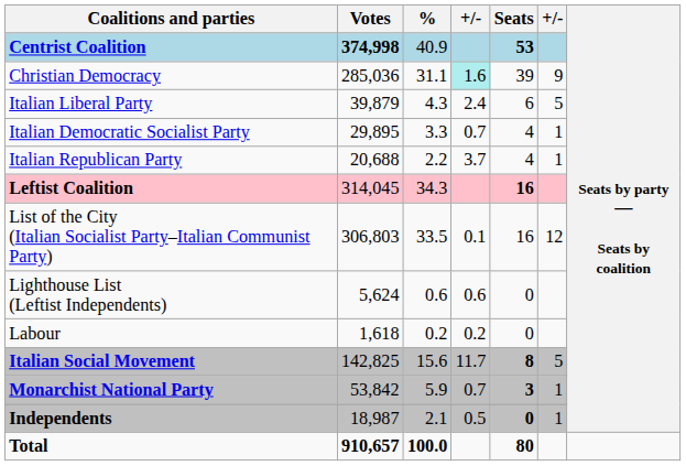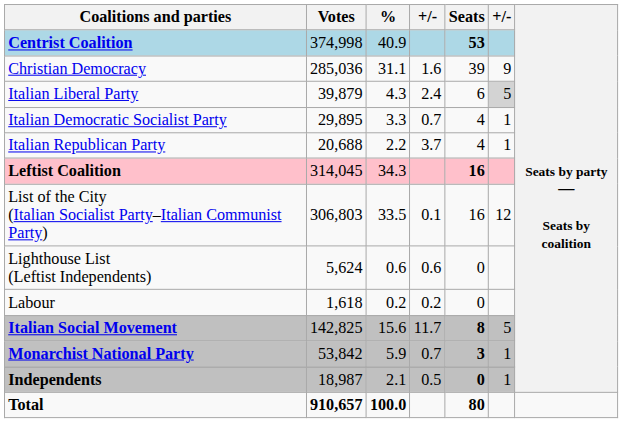 <table class="wikitable">
 <tr>
 <th>Coalitions and parties</th>
 <th>Votes</th>
 <th>%</th>
 <th>+/-</th>
 <th>Seats</th>
 <th>+/-</th>
 <th rowspan="14"><br><small>Seats by party</small><br>—<br><br><small>Seats by coalition</small></th>
 </tr>
 <tr style="background:lightblue">
 <td><strong><a href='#'>Centrist Coalition</a></strong></td>
-<td align=right><strong>374,998</strong></td>
+<td align=right>374,998</td>
 <td align=right>40.9</td>
 <td align=right></td>
 <td align=right><strong>53</strong></td>
 <td align=right></td>
 </tr>
 <tr>
 <td><a href='#'>Christian Democracy</a></td>
 <td align=right>285,036</td>
 <td align=right>31.1</td>
-<td align=right style="background: paleturquoise;"> 1.6</td>
+<td align=right> 1.6</td>
 <td align=right>39</td>
 <td align=right> 9</td>
 </tr>
 <tr>
 <td><a href='#'>Italian Liberal Party</a></td>
 <td align=right>39,879</td>
 <td align=right>4.3</td>
 <td align=right> 2.4</td>
 <td align=right>6</td>
-<td align=right> 5</td>
+<td align=right style="background: lightgrey;"> 5</td>
 </tr>
 <tr>
 <td><a href='#'>Italian Democratic Socialist Party</a></td>
 <td align=right>29,895</td>
 <td align=right>3.3</td>
 <td align=right> 0.7</td>
 <td align=right>4</td>
 <td align=right> 1</td>
 </tr>
 <tr>
 <td><a href='#'>Italian Republican Party</a></td>
 <td align=right>20,688</td>
 <td align=right>2.2</td>
 <td align=right> 3.7</td>
 <td align=right>4</td>
 <td align=right> 1</td>
 </tr>
 <tr style="background:pink">
 <td><strong>Leftist Coalition</strong></td>
 <td align=right>314,045</td>
 <td align=right>34.3</td>
 <td align=right></td>
 <td align=right><strong>16</strong></td>
 <td align=right></td>
 </tr>
 <tr>
 <td>List of the City<br>(<a href='#'>Italian Socialist Party</a>–<a href='#'>Italian Communist Party</a>)</td>
 <td align=right>306,803</td>
 <td align=right>33.5</td>
 <td align=right> 0.1</td>
 <td align=right>16</td>
 <td align=right> 12</td>
 </tr>
 <tr>
 <td>Lighthouse List<br>(Leftist Independents)</td>
 <td align=right>5,624</td>
 <td align=right>0.6</td>
 <td align=right> 0.6</td>
 <td align=right>0</td>
 <td align=right></td>
 </tr>
 <tr>
 <td>Labour</td>
 <td align=right>1,618</td>
 <td align=right>0.2</td>
 <td align=right> 0.2</td>
 <td align=right>0</td>
 <td align=right></td>
 </tr>
 <tr style="background:silver">
 <td><strong><a href='#'>Italian Social Movement</a></strong></td>
 <td align=right>142,825</td>
 <td align=right>15.6</td>
 <td align=right> 11.7</td>
 <td align=right><strong>8</strong></td>
 <td align=right> 5</td>
 </tr>
 <tr style="background:silver">
 <td><strong><a href='#'>Monarchist National Party</a></strong></td>
 <td align=right>53,842</td>
 <td align=right>5.9</td>
 <td align=right> 0.7</td>
 <td align=right><strong>3</strong></td>
 <td align=right> 1</td>
 </tr>
 <tr>
 </tr>
 <tr style="background:silver">
 <td><strong>Independents</strong></td>
 <td align=right>18,987</td>
 <td align=right>2.1</td>
 <td align=right> 0.5</td>
 <td align=right><strong>0</strong></td>
 <td align=right> 1</td>
 </tr>
 <tr>
 <td><strong>Total</strong></td>
 <td align=right><strong>910,657</strong></td>
 <td align=right><strong>100.0</strong></td>
 <td align=right></td>
 <td align=right><strong>80</strong></td>
 <td align=right></td>
 </tr>
 </table>
